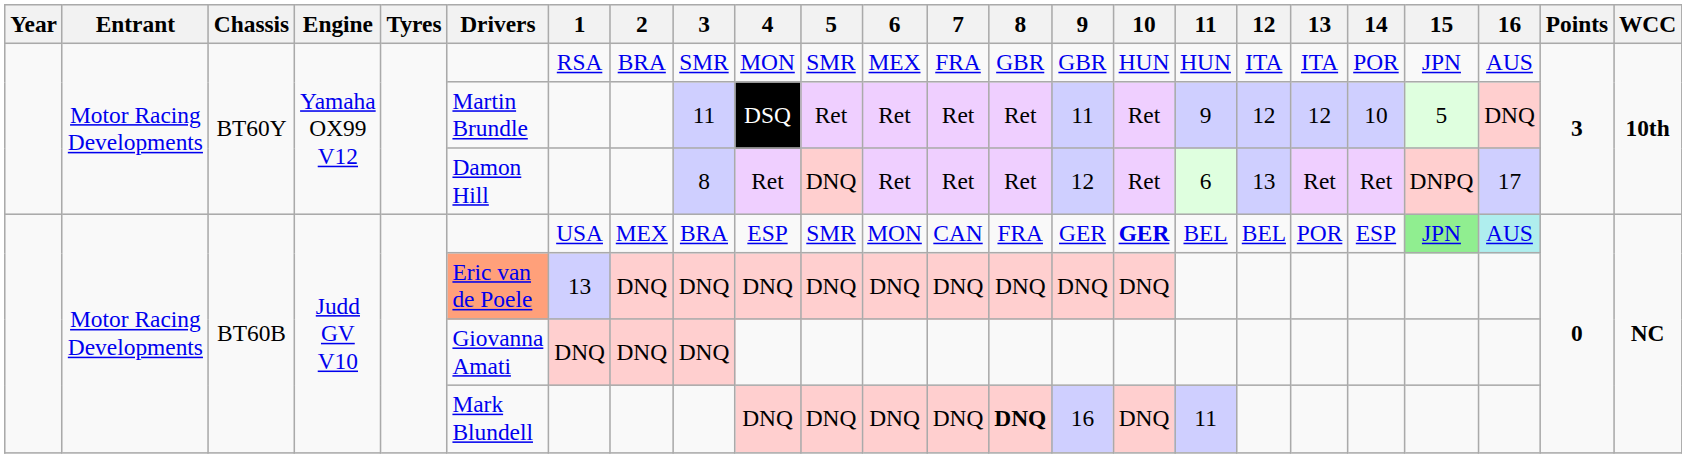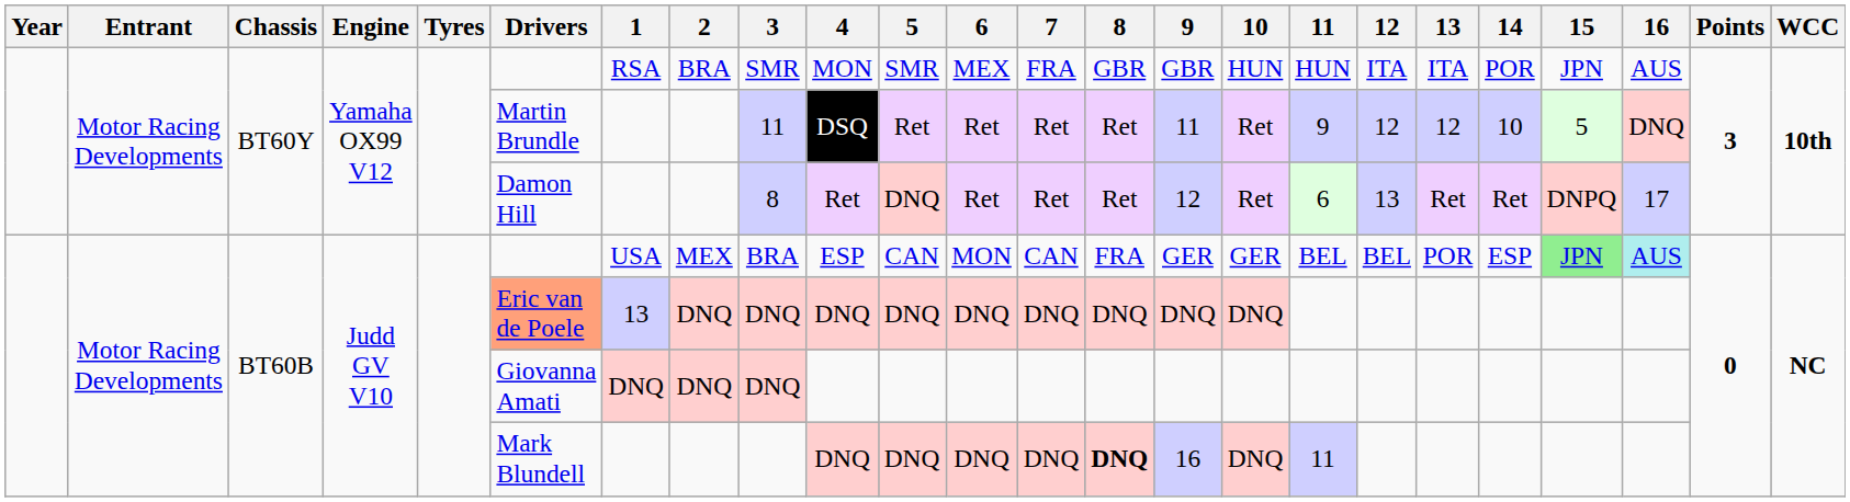 <table class="wikitable" style="text-align:center; font-size:95%">
 <tr>
 <th>Year</th>
 <th>Entrant</th>
 <th>Chassis</th>
 <th>Engine</th>
 <th>Tyres</th>
 <th>Drivers</th>
 <th>1</th>
 <th>2</th>
 <th>3</th>
 <th>4</th>
 <th>5</th>
 <th>6</th>
 <th>7</th>
 <th>8</th>
 <th>9</th>
 <th>10</th>
 <th>11</th>
 <th>12</th>
 <th>13</th>
 <th>14</th>
 <th>15</th>
 <th>16</th>
 <th>Points</th>
 <th>WCC</th>
 </tr>
 <tr>
 <td rowspan="3"></td>
 <td rowspan="3"><a href='#'>Motor Racing Developments</a></td>
 <td rowspan="3">BT60Y</td>
 <td rowspan="3"><a href='#'>Yamaha</a> OX99<br><a href='#'>V12</a></td>
 <td rowspan="3"></td>
 <td></td>
 <td><a href='#'>RSA</a></td>
 <td><a href='#'>BRA</a></td>
 <td><a href='#'>SMR</a></td>
 <td><a href='#'>MON</a></td>
 <td><a href='#'>SMR</a></td>
 <td><a href='#'>MEX</a></td>
 <td><a href='#'>FRA</a></td>
 <td><a href='#'>GBR</a></td>
 <td><a href='#'>GBR</a></td>
 <td><a href='#'>HUN</a></td>
 <td><a href='#'>HUN</a></td>
 <td><a href='#'>ITA</a></td>
 <td><a href='#'>ITA</a></td>
 <td><a href='#'>POR</a></td>
 <td><a href='#'>JPN</a></td>
 <td><a href='#'>AUS</a></td>
 <td rowspan="3"><strong>3</strong></td>
 <td rowspan="3"><strong>10th</strong></td>
 </tr>
 <tr>
 <td align="left"><a href='#'>Martin Brundle</a></td>
 <td></td>
 <td></td>
 <td style="background:#cfcfff;">11</td>
 <td style="background:#000; color:white;">DSQ</td>
 <td style="background:#efcfff;">Ret</td>
 <td style="background:#efcfff;">Ret</td>
 <td style="background:#efcfff;">Ret</td>
 <td style="background:#efcfff;">Ret</td>
 <td style="background:#cfcfff;">11</td>
 <td style="background:#efcfff;">Ret</td>
 <td style="background:#cfcfff;">9</td>
 <td style="background:#cfcfff;">12</td>
 <td style="background:#cfcfff;">12</td>
 <td style="background:#cfcfff;">10</td>
 <td style="background:#dfffdf;">5</td>
 <td style="background:#ffcfcf;">DNQ</td>
 </tr>
 <tr>
 <td align="left"><a href='#'>Damon Hill</a></td>
 <td></td>
 <td></td>
 <td style="background:#cfcfff;">8</td>
 <td style="background:#efcfff;">Ret</td>
 <td style="background:#ffcfcf;">DNQ</td>
 <td style="background:#efcfff;">Ret</td>
 <td style="background:#efcfff;">Ret</td>
 <td style="background:#efcfff;">Ret</td>
 <td style="background:#cfcfff;">12</td>
 <td style="background:#efcfff;">Ret</td>
 <td style="background:#dfffdf;">6</td>
 <td style="background:#cfcfff;">13</td>
 <td style="background:#efcfff;">Ret</td>
 <td style="background:#efcfff;">Ret</td>
 <td style="background:#ffcfcf;">DNPQ</td>
 <td style="background:#cfcfff;">17</td>
 </tr>
 <tr>
 <td rowspan="4"></td>
 <td rowspan="4"><a href='#'>Motor Racing Developments</a></td>
 <td rowspan="4">BT60B</td>
 <td rowspan="4"><a href='#'>Judd GV</a><br><a href='#'>V10</a></td>
 <td rowspan="4"></td>
 <td></td>
 <td><a href='#'>USA</a></td>
 <td><a href='#'>MEX</a></td>
 <td><a href='#'>BRA</a></td>
 <td><a href='#'>ESP</a></td>
-<td><a href='#'>SMR</a></td>
+<td><a href='#'>CAN</a></td>
 <td><a href='#'>MON</a></td>
 <td><a href='#'>CAN</a></td>
 <td><a href='#'>FRA</a></td>
 <td><a href='#'>GER</a></td>
-<td><strong><a href='#'>GER</a></strong></td>
+<td><a href='#'>GER</a></td>
 <td><a href='#'>BEL</a></td>
 <td><a href='#'>BEL</a></td>
 <td><a href='#'>POR</a></td>
 <td><a href='#'>ESP</a></td>
 <td style="background: lightgreen;"><a href='#'>JPN</a></td>
 <td style="background: paleturquoise;"><a href='#'>AUS</a></td>
 <td rowspan="4"><strong>0</strong></td>
 <td rowspan="4"><strong>NC</strong></td>
 </tr>
 <tr>
 <td align="left" style="background: lightsalmon;"><a href='#'>Eric van de Poele</a></td>
 <td style="background:#cfcfff;">13</td>
 <td style="background:#ffcfcf;">DNQ</td>
 <td style="background:#ffcfcf;">DNQ</td>
 <td style="background:#ffcfcf;">DNQ</td>
 <td style="background:#ffcfcf;">DNQ</td>
 <td style="background:#ffcfcf;">DNQ</td>
 <td style="background:#ffcfcf;">DNQ</td>
 <td style="background:#ffcfcf;">DNQ</td>
 <td style="background:#ffcfcf;">DNQ</td>
 <td style="background:#ffcfcf;">DNQ</td>
 <td></td>
 <td></td>
 <td></td>
 <td></td>
 <td></td>
 <td></td>
 </tr>
 <tr>
 <td align="left"><a href='#'>Giovanna Amati</a></td>
 <td style="background:#ffcfcf;">DNQ</td>
 <td style="background:#ffcfcf;">DNQ</td>
 <td style="background:#ffcfcf;">DNQ</td>
 <td></td>
 <td></td>
 <td></td>
 <td></td>
 <td></td>
 <td></td>
 <td></td>
 <td></td>
 <td></td>
 <td></td>
 <td></td>
 <td></td>
 <td></td>
 </tr>
 <tr>
 <td align="left"><a href='#'>Mark Blundell</a></td>
 <td></td>
 <td></td>
 <td></td>
 <td style="background:#ffcfcf;">DNQ</td>
 <td style="background:#ffcfcf;">DNQ</td>
 <td style="background:#ffcfcf;">DNQ</td>
 <td style="background:#ffcfcf;">DNQ</td>
 <td style="background:#ffcfcf;"><strong>DNQ</strong></td>
 <td style="background:#cfcfff;">16</td>
 <td style="background:#ffcfcf;">DNQ</td>
 <td style="background:#cfcfff;">11</td>
 <td></td>
 <td></td>
 <td></td>
 <td></td>
 <td></td>
 </tr>
 </table>
